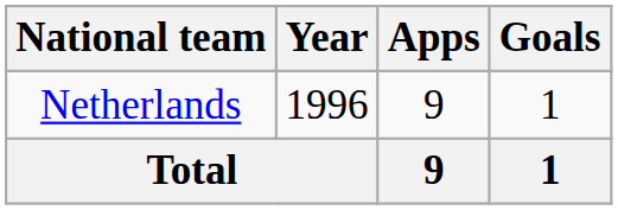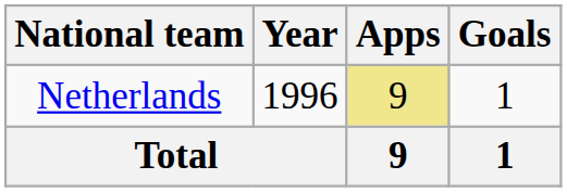 <table class="wikitable" style="text-align:center">
 <tr>
 <th>National team</th>
 <th>Year</th>
 <th>Apps</th>
 <th>Goals</th>
 </tr>
 <tr>
 <td><a href='#'>Netherlands</a></td>
 <td>1996</td>
-<td>9</td>
+<td style="background: khaki;">9</td>
 <td>1</td>
 </tr>
 <tr>
 <th colspan="2">Total</th>
 <th>9</th>
 <th>1</th>
 </tr>
 </table>
